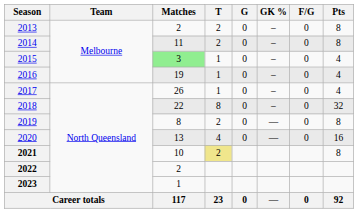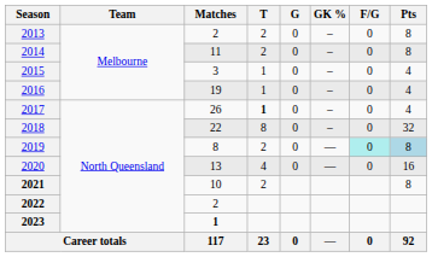 <table class="wikitable sortable"  style="font-size:90%; text-align:center; width:85%;">
 <tr>
 <th width=2%>Season</th>
 <th width=8%>Team</th>
 <th width=2%>Matches</th>
 <th width=2%>T</th>
 <th width=2%>G</th>
 <th width=2%>GK %</th>
 <th width=2%>F/G</th>
 <th width=2%>Pts</th>
 </tr>
 <tr>
 <th scope="row" style="text-align:center; font-weight:normal"><a href='#'>2013</a></th>
 <td rowspan="4" style="text-align:center;"> <a href='#'>Melbourne</a></td>
 <td>2</td>
 <td>2</td>
 <td>0</td>
 <td>–</td>
 <td>0</td>
 <td>8</td>
 </tr>
 <tr style="background:#eaeaea;">
 <th scope="row" style="text-align:center; font-weight:normal"><a href='#'>2014</a></th>
 <td>11</td>
 <td>2</td>
 <td>0</td>
 <td>–</td>
 <td>0</td>
 <td>8</td>
 </tr>
 <tr>
 <th scope="row" style="text-align:center; font-weight:normal"><a href='#'>2015</a></th>
-<td style="background: lightgreen;">3</td>
+<td>3</td>
 <td>1</td>
 <td>0</td>
 <td>–</td>
 <td>0</td>
 <td>4</td>
 </tr>
 <tr style="background:#eaeaea;">
 <th scope="row" style="text-align:center; font-weight:normal"><a href='#'>2016</a></th>
 <td>19</td>
 <td>1</td>
 <td>0</td>
 <td>–</td>
 <td>0</td>
 <td>4</td>
 </tr>
 <tr>
 <th scope="row" style="text-align:center; font-weight:normal"><a href='#'>2017</a></th>
 <td rowspan="7" style="text-align:center;"> <a href='#'>North Queensland</a></td>
 <td>26</td>
-<td>1</td>
+<td><strong>1</strong></td>
 <td>0</td>
 <td>–</td>
 <td>0</td>
 <td>4</td>
 </tr>
 <tr style="background:#eaeaea;">
 <th scope="row" style="text-align:center; font-weight:normal"><a href='#'>2018</a></th>
 <td>22</td>
 <td>8</td>
 <td>0</td>
 <td>–</td>
 <td>0</td>
 <td>32</td>
 </tr>
 <tr>
 <th scope="row" style="text-align:center; font-weight:normal"><a href='#'>2019</a></th>
 <td>8</td>
 <td>2</td>
 <td>0</td>
 <td>—</td>
-<td>0</td>
-<td>8</td>
+<td style="background: paleturquoise;">0</td>
+<td style="background: lightblue;">8</td>
 </tr>
 <tr style="background:#eaeaea;">
 <th scope="row" style="text-align:center; font-weight:normal"><a href='#'>2020</a></th>
 <td>13</td>
 <td>4</td>
 <td>0</td>
 <td>—</td>
 <td>0</td>
 <td>16</td>
 </tr>
 <tr>
 <th>2021</th>
 <td>10</td>
-<td style="background: khaki;">2</td>
+<td>2</td>
 <td></td>
 <td></td>
 <td></td>
 <td>8</td>
 </tr>
 <tr>
 <th>2022</th>
 <td>2</td>
 <td></td>
 <td></td>
 <td></td>
 <td></td>
 <td></td>
 </tr>
 <tr>
 <th>2023</th>
-<td>1</td>
+<td><strong>1</strong></td>
 <td></td>
 <td></td>
 <td></td>
 <td></td>
 <td></td>
 </tr>
 <tr class="sortbottom">
 <th colspan="2">Career totals</th>
 <th>117</th>
 <th>23</th>
 <th>0</th>
 <th>—</th>
 <th>0</th>
 <th>92</th>
 </tr>
 </table>
